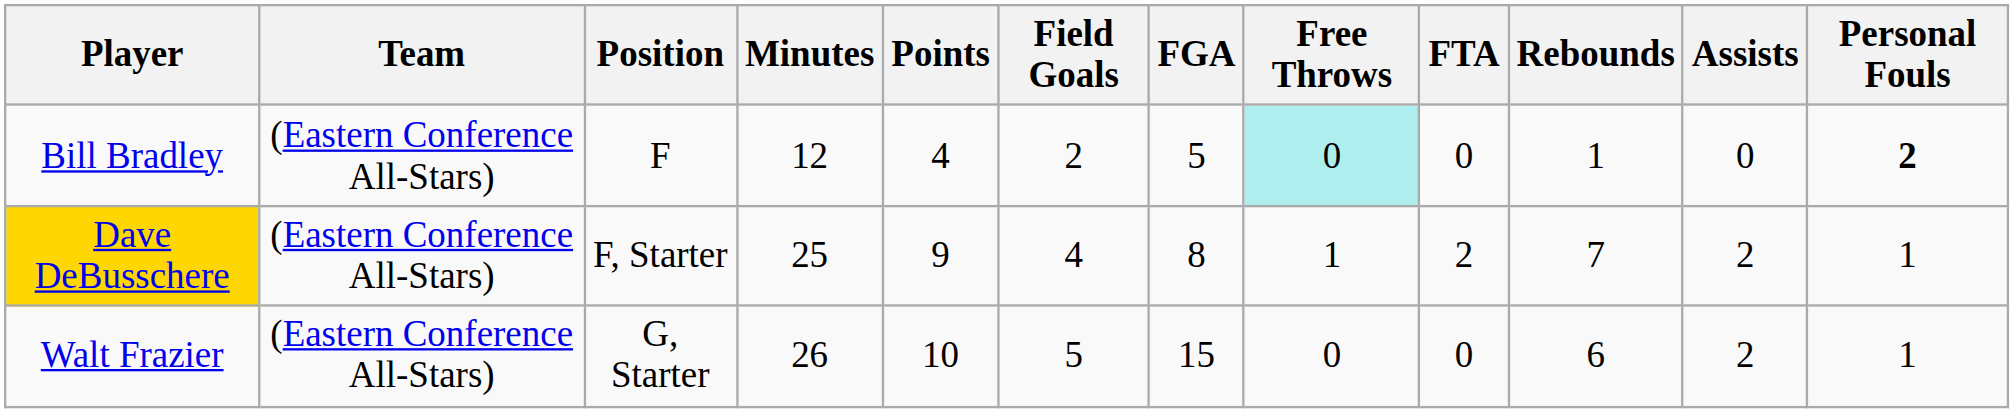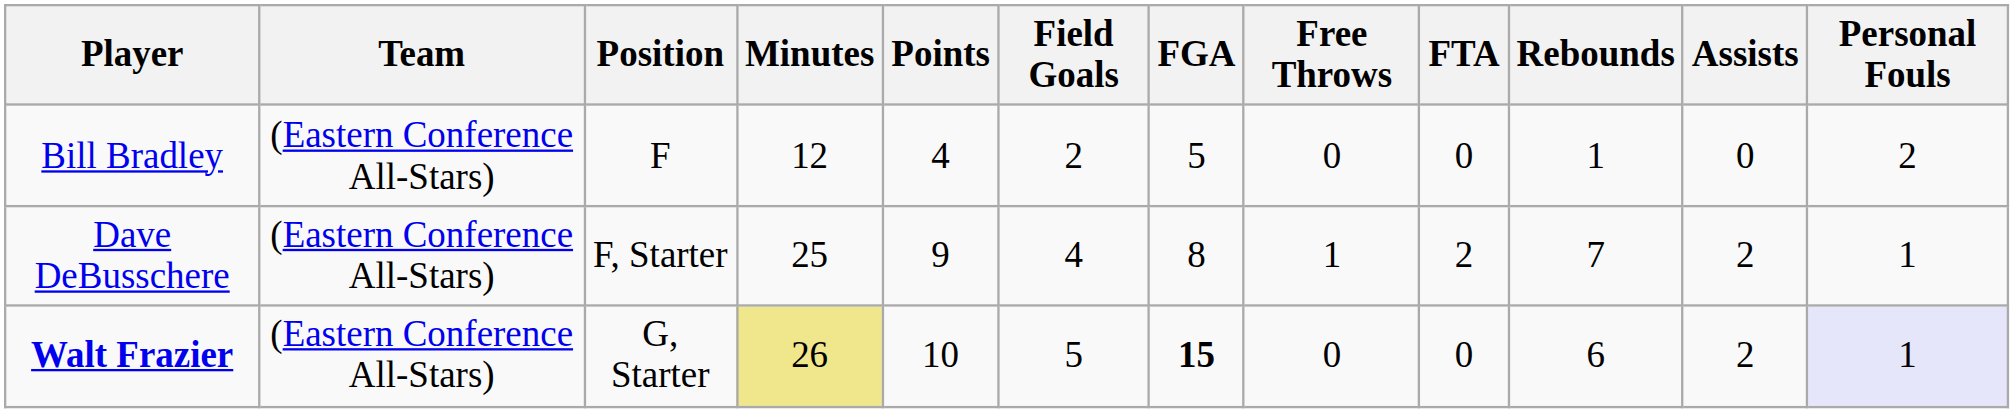 <table class="wikitable sortable sortable" style="text-align: center">
 <tr>
 <th>Player</th>
 <th>Team</th>
 <th>Position</th>
 <th>Minutes</th>
 <th>Points</th>
 <th>Field Goals</th>
 <th>FGA</th>
 <th>Free Throws</th>
 <th>FTA</th>
 <th>Rebounds</th>
 <th>Assists</th>
 <th>Personal Fouls</th>
 </tr>
 <tr align="center">
 <td><a href='#'>Bill Bradley</a></td>
 <td>(<a href='#'>Eastern Conference</a> All-Stars)</td>
 <td>F</td>
 <td>12</td>
 <td>4</td>
 <td>2</td>
 <td>5</td>
-<td style="background: paleturquoise;">0</td>
+<td>0</td>
 <td>0</td>
 <td>1</td>
 <td>0</td>
-<td><strong>2</strong></td>
+<td>2</td>
 </tr>
 <tr align="center">
-<td style="background: gold;"><a href='#'>Dave DeBusschere</a></td>
+<td><a href='#'>Dave DeBusschere</a></td>
 <td>(<a href='#'>Eastern Conference</a> All-Stars)</td>
 <td>F, Starter</td>
 <td>25</td>
 <td>9</td>
 <td>4</td>
 <td>8</td>
 <td>1</td>
 <td>2</td>
 <td>7</td>
 <td>2</td>
 <td>1</td>
 </tr>
 <tr align="center">
-<td><a href='#'>Walt Frazier</a></td>
+<td><strong><a href='#'>Walt Frazier</a></strong></td>
 <td>(<a href='#'>Eastern Conference</a> All-Stars)</td>
 <td>G, Starter</td>
-<td>26</td>
+<td style="background: khaki;">26</td>
 <td>10</td>
 <td>5</td>
-<td>15</td>
+<td><strong>15</strong></td>
 <td>0</td>
 <td>0</td>
 <td>6</td>
 <td>2</td>
-<td>1</td>
+<td style="background: lavender;">1</td>
 </tr>
 </table>
